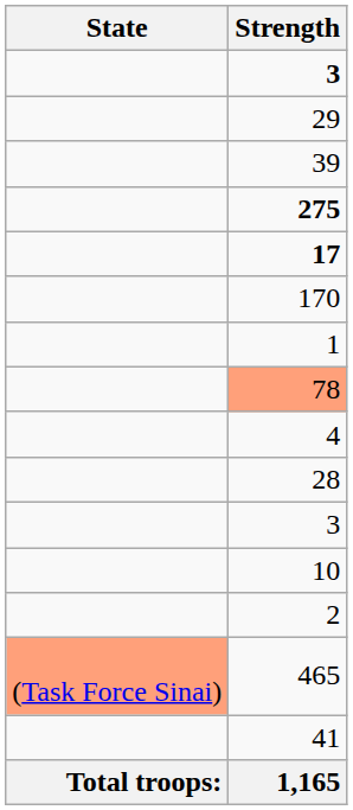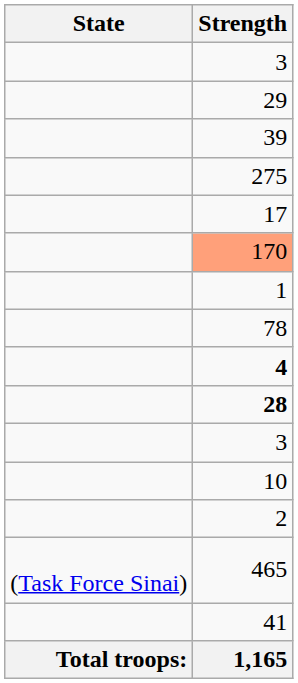 <table class="wikitable sortable">
 <tr>
 <th>State</th>
 <th>Strength</th>
 </tr>
 <tr>
 <td></td>
-<td style= " text-align:right"><strong>3</strong></td>
+<td style= " text-align:right">3</td>
 </tr>
 <tr>
 <td></td>
 <td style="text-align:right">29</td>
 </tr>
 <tr>
 <td></td>
 <td style="text-align:right">39</td>
 </tr>
 <tr>
 <td></td>
-<td style="text-align:right"><strong>275</strong></td>
+<td style="text-align:right">275</td>
 </tr>
 <tr>
 <td></td>
-<td style="text-align:right"><strong>17</strong></td>
+<td style="text-align:right">17</td>
 </tr>
 <tr>
 <td></td>
-<td style="text-align:right">170</td>
+<td style="background: lightsalmon; text-align:right">170</td>
 </tr>
 <tr>
 <td></td>
 <td style="text-align:right">1</td>
 </tr>
 <tr>
 <td></td>
-<td style="background: lightsalmon; text-align:right">78</td>
+<td style="text-align:right">78</td>
 </tr>
 <tr>
 <td></td>
-<td style="text-align:right">4</td>
+<td style="text-align:right"><strong>4</strong></td>
 </tr>
 <tr>
 <td></td>
-<td style="text-align:right">28</td>
+<td style="text-align:right"><strong>28</strong></td>
 </tr>
 <tr>
 <td></td>
 <td style="text-align:right">3</td>
 </tr>
 <tr>
 <td></td>
 <td style="text-align:right">10</td>
 </tr>
 <tr>
 <td></td>
 <td style="text-align:right">2</td>
 </tr>
 <tr>
-<td style="background: lightsalmon;"><br>(<a href='#'>Task Force Sinai</a>)</td>
+<td><br>(<a href='#'>Task Force Sinai</a>)</td>
 <td style="text-align:right">465</td>
 </tr>
 <tr>
 <td></td>
 <td style="text-align:right">41</td>
 </tr>
 <tr>
 <th style="text-align:right">Total troops:</th>
 <th style="text-align:right">1,165</th>
 </tr>
 </table>
